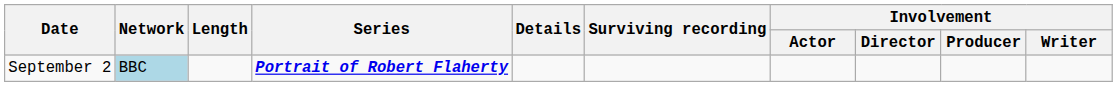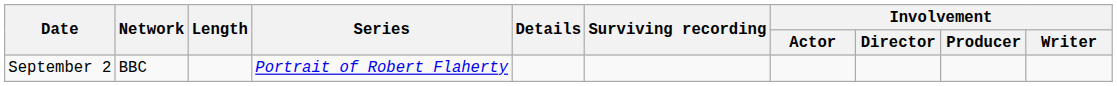 <table class="wikitable">
 <tr>
 <th rowspan="2" style="width:33px;">Date</th>
 <th rowspan="2">Network</th>
 <th rowspan="2">Length</th>
 <th rowspan="2">Series</th>
 <th rowspan="2">Details</th>
 <th rowspan="2">Surviving recording</th>
 <th colspan="4">Involvement</th>
 </tr>
 <tr>
 <th width=65>Actor</th>
 <th width=65>Director</th>
 <th width=65>Producer</th>
 <th width=65>Writer</th>
 </tr>
 <tr style="text-align:center;">
 <td style="text-align:left;">September 2</td>
-<td style="background: lightblue; text-align:left;">BBC</td>
+<td style="text-align:left;">BBC</td>
 <td style="text-align:left;"></td>
-<td style="text-align:left;"><strong><em><a href='#'>Portrait of Robert Flaherty</a></em></strong></td>
+<td style="text-align:left;"><em><a href='#'>Portrait of Robert Flaherty</a></em></td>
 <td style="text-align:left;"> </td>
 <td></td>
 <td></td>
 <td></td>
 <td></td>
 <td></td>
 </tr>
 </table>
